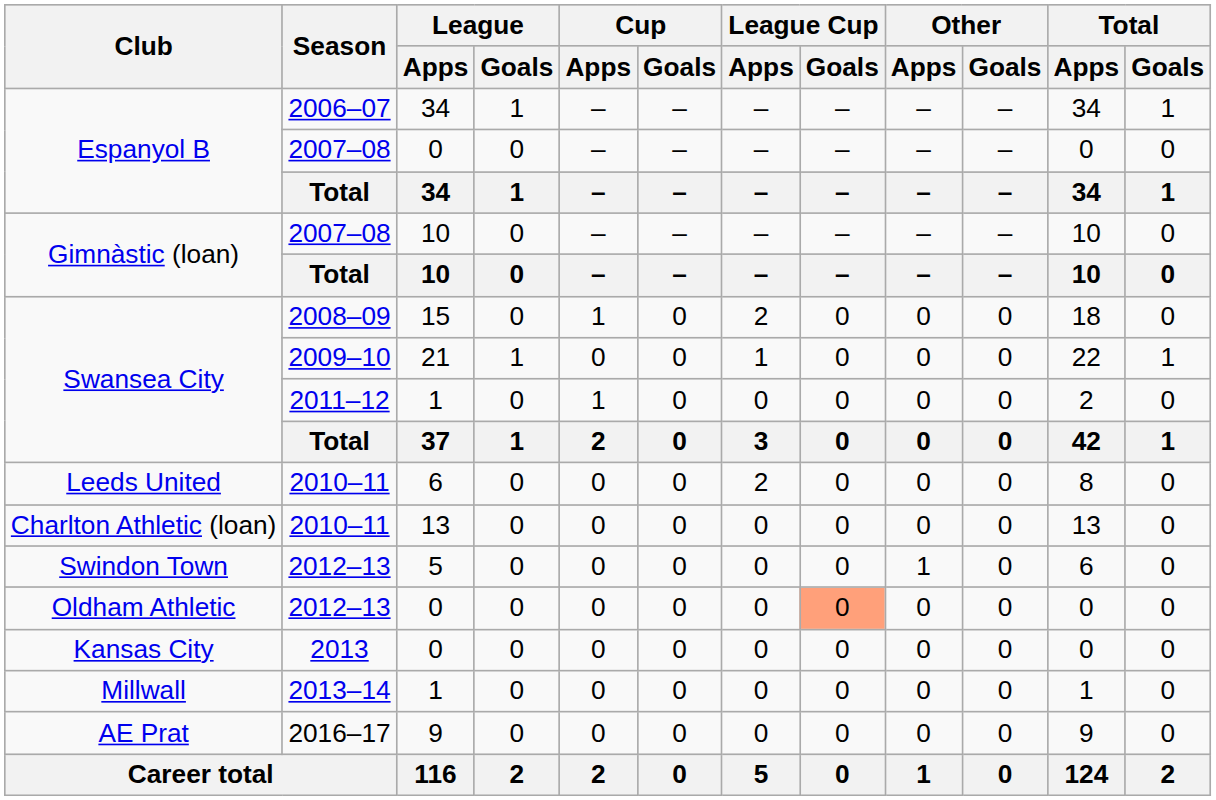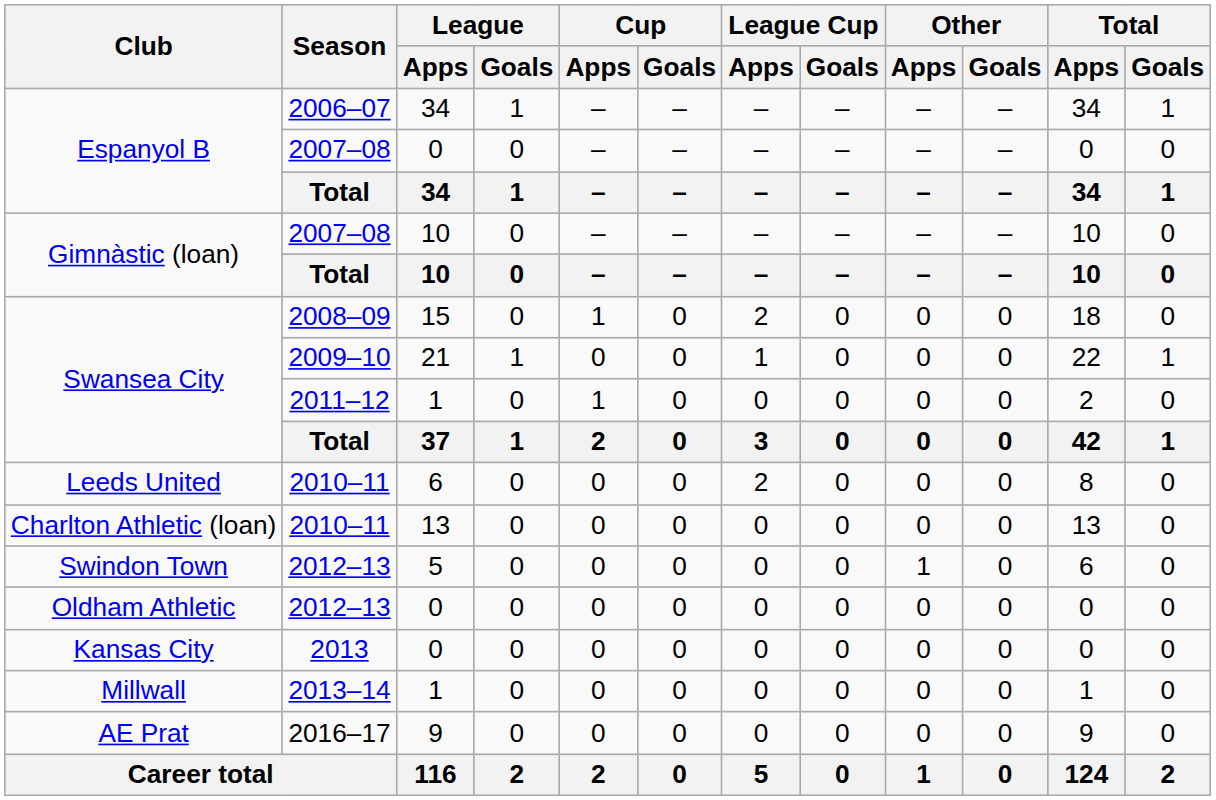 <table class="wikitable" style="text-align: center;">
 <tr>
 <th rowspan="2">Club</th>
 <th rowspan="2">Season</th>
 <th colspan="2">League</th>
 <th colspan="2">Cup</th>
 <th colspan="2">League Cup</th>
 <th colspan="2">Other</th>
 <th colspan="2">Total</th>
 </tr>
 <tr>
 <th>Apps</th>
 <th>Goals</th>
 <th>Apps</th>
 <th>Goals</th>
 <th>Apps</th>
 <th>Goals</th>
 <th>Apps</th>
 <th>Goals</th>
 <th>Apps</th>
 <th>Goals</th>
 </tr>
 <tr>
 <td rowspan="3" valign="center"><a href='#'>Espanyol B</a></td>
 <td><a href='#'>2006–07</a></td>
 <td>34</td>
 <td>1</td>
 <td>–</td>
 <td>–</td>
 <td>–</td>
 <td>–</td>
 <td>–</td>
 <td>–</td>
 <td>34</td>
 <td>1</td>
 </tr>
 <tr>
 <td><a href='#'>2007–08</a></td>
 <td>0</td>
 <td>0</td>
 <td>–</td>
 <td>–</td>
 <td>–</td>
 <td>–</td>
 <td>–</td>
 <td>–</td>
 <td>0</td>
 <td>0</td>
 </tr>
 <tr>
 <th>Total</th>
 <th>34</th>
 <th>1</th>
 <th>–</th>
 <th>–</th>
 <th>–</th>
 <th>–</th>
 <th>–</th>
 <th>–</th>
 <th>34</th>
 <th>1</th>
 </tr>
 <tr>
 <td rowspan="2" valign="center"><a href='#'>Gimnàstic</a> (loan)</td>
 <td><a href='#'>2007–08</a></td>
 <td>10</td>
 <td>0</td>
 <td>–</td>
 <td>–</td>
 <td>–</td>
 <td>–</td>
 <td>–</td>
 <td>–</td>
 <td>10</td>
 <td>0</td>
 </tr>
 <tr>
 <th>Total</th>
 <th>10</th>
 <th>0</th>
 <th>–</th>
 <th>–</th>
 <th>–</th>
 <th>–</th>
 <th>–</th>
 <th>–</th>
 <th>10</th>
 <th>0</th>
 </tr>
 <tr>
 <td rowspan="4" valign="center"><a href='#'>Swansea City</a></td>
 <td><a href='#'>2008–09</a></td>
 <td>15</td>
 <td>0</td>
 <td>1</td>
 <td>0</td>
 <td>2</td>
 <td>0</td>
 <td>0</td>
 <td>0</td>
 <td>18</td>
 <td>0</td>
 </tr>
 <tr>
 <td><a href='#'>2009–10</a></td>
 <td>21</td>
 <td>1</td>
 <td>0</td>
 <td>0</td>
 <td>1</td>
 <td>0</td>
 <td>0</td>
 <td>0</td>
 <td>22</td>
 <td>1</td>
 </tr>
 <tr>
 <td><a href='#'>2011–12</a></td>
 <td>1</td>
 <td>0</td>
 <td>1</td>
 <td>0</td>
 <td>0</td>
 <td>0</td>
 <td>0</td>
 <td>0</td>
 <td>2</td>
 <td>0</td>
 </tr>
 <tr>
 <th>Total</th>
 <th>37</th>
 <th>1</th>
 <th>2</th>
 <th>0</th>
 <th>3</th>
 <th>0</th>
 <th>0</th>
 <th>0</th>
 <th>42</th>
 <th>1</th>
 </tr>
 <tr>
 <td rowspan="1" valign="center"><a href='#'>Leeds United</a></td>
 <td><a href='#'>2010–11</a></td>
 <td>6</td>
 <td>0</td>
 <td>0</td>
 <td>0</td>
 <td>2</td>
 <td>0</td>
 <td>0</td>
 <td>0</td>
 <td>8</td>
 <td>0</td>
 </tr>
 <tr>
 <td rowspan="1" valign="center"><a href='#'>Charlton Athletic</a> (loan)</td>
 <td><a href='#'>2010–11</a></td>
 <td>13</td>
 <td>0</td>
 <td>0</td>
 <td>0</td>
 <td>0</td>
 <td>0</td>
 <td>0</td>
 <td>0</td>
 <td>13</td>
 <td>0</td>
 </tr>
 <tr>
 <td rowspan="1" valign="center"><a href='#'>Swindon Town</a></td>
 <td><a href='#'>2012–13</a></td>
 <td>5</td>
 <td>0</td>
 <td>0</td>
 <td>0</td>
 <td>0</td>
 <td>0</td>
 <td>1</td>
 <td>0</td>
 <td>6</td>
 <td>0</td>
 </tr>
 <tr>
 <td rowspan="1" valign="center"><a href='#'>Oldham Athletic</a></td>
 <td><a href='#'>2012–13</a></td>
 <td>0</td>
 <td>0</td>
 <td>0</td>
 <td>0</td>
 <td>0</td>
-<td style="background: lightsalmon;">0</td>
+<td>0</td>
 <td>0</td>
 <td>0</td>
 <td>0</td>
 <td>0</td>
 </tr>
 <tr>
 <td rowspan="1" valign="center"><a href='#'>Kansas City</a></td>
 <td><a href='#'>2013</a></td>
 <td>0</td>
 <td>0</td>
 <td>0</td>
 <td>0</td>
 <td>0</td>
 <td>0</td>
 <td>0</td>
 <td>0</td>
 <td>0</td>
 <td>0</td>
 </tr>
 <tr>
 <td rowspan="1" valign="center"><a href='#'>Millwall</a></td>
 <td><a href='#'>2013–14</a></td>
 <td>1</td>
 <td>0</td>
 <td>0</td>
 <td>0</td>
 <td>0</td>
 <td>0</td>
 <td>0</td>
 <td>0</td>
 <td>1</td>
 <td>0</td>
 </tr>
 <tr>
 <td rowspan="1" valign="center"><a href='#'>AE Prat</a></td>
 <td>2016–17</td>
 <td>9</td>
 <td>0</td>
 <td>0</td>
 <td>0</td>
 <td>0</td>
 <td>0</td>
 <td>0</td>
 <td>0</td>
 <td>9</td>
 <td>0</td>
 </tr>
 <tr>
 <th colspan="2">Career total</th>
 <th>116</th>
 <th>2</th>
 <th>2</th>
 <th>0</th>
 <th>5</th>
 <th>0</th>
 <th>1</th>
 <th>0</th>
 <th>124</th>
 <th>2</th>
 </tr>
 </table>
